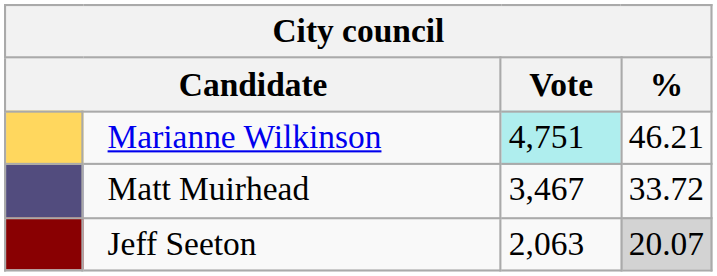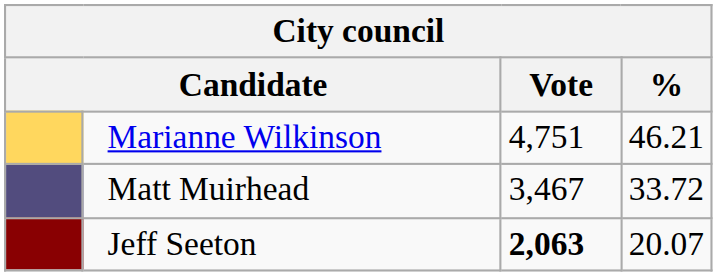 <table class="wikitable">
 <tr>
 <th colspan="4">City council</th>
 </tr>
 <tr>
 <th bgcolor="#DDDDFF" width="230px" colspan="2">Candidate</th>
 <th bgcolor="#DDDDFF" width="50px">Vote</th>
 <th bgcolor="#DDDDFF" width="30px">%</th>
 </tr>
 <tr>
 <td bgcolor=#FFD75E width="30px"> </td>
 <td>  <a href='#'>Marianne Wilkinson</a></td>
-<td style="background: paleturquoise;">4,751</td>
+<td>4,751</td>
 <td>46.21</td>
 </tr>
 <tr>
 <td bgcolor=#524C7E width="30px"> </td>
 <td>  Matt Muirhead</td>
 <td>3,467</td>
 <td>33.72</td>
 </tr>
 <tr>
 <td bgcolor=#890002 width="30px"> </td>
 <td>  Jeff Seeton</td>
-<td>2,063</td>
-<td style="background: lightgrey;">20.07</td>
+<td><strong>2,063</strong></td>
+<td>20.07</td>
 </tr>
 </table>
